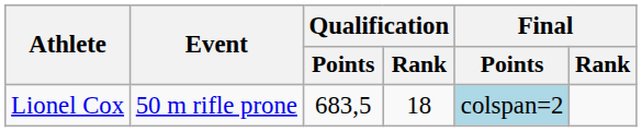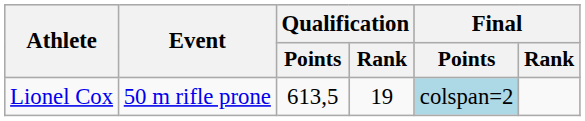 <table class="wikitable" style="font-size:90%;">
 <tr>
 <th rowspan=2>Athlete</th>
 <th rowspan=2>Event</th>
 <th colspan=2>Qualification</th>
 <th colspan=2>Final</th>
 </tr>
 <tr style="font-size:95%">
 <th>Points</th>
 <th>Rank</th>
 <th>Points</th>
 <th>Rank</th>
 </tr>
 <tr align=center>
 <td align=left><a href='#'>Lionel Cox</a></td>
 <td align=left><a href='#'>50 m rifle prone</a></td>
-<td>683,5</td>
-<td>18</td>
+<td>613,5</td>
+<td>19</td>
 <td style="background: lightblue;">colspan=2 </td>
 </tr>
 </table>
